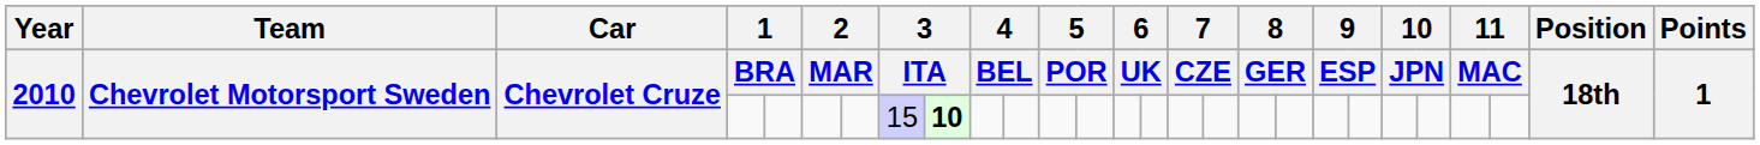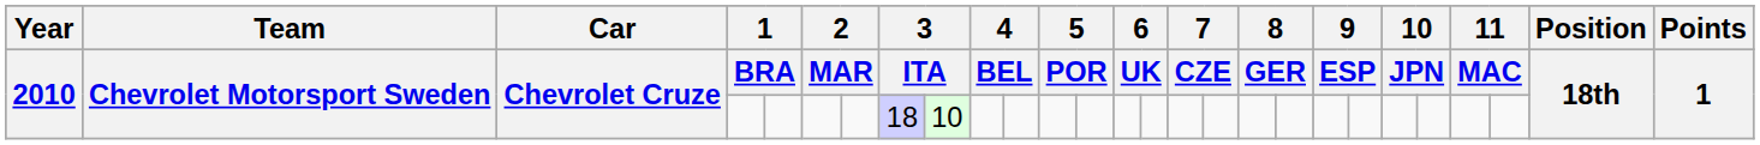 <table class="wikitable" style="text-align:center; font-size:85%">
 <tr>
 <th>Year</th>
 <th>Team</th>
 <th>Car</th>
 <th colspan=2>1</th>
 <th colspan=2>2</th>
 <th colspan=2>3</th>
 <th colspan=2>4</th>
 <th colspan=2>5</th>
 <th colspan=2>6</th>
 <th colspan=2>7</th>
 <th colspan=2>8</th>
 <th colspan=2>9</th>
 <th colspan=2>10</th>
 <th colspan=2>11</th>
 <th>Position</th>
 <th>Points</th>
 </tr>
 <tr>
 <th rowspan=2><a href='#'>2010</a></th>
 <th rowspan=2><a href='#'>Chevrolet Motorsport Sweden</a></th>
 <th rowspan=2><a href='#'>Chevrolet Cruze</a></th>
 <th colspan=2><a href='#'>BRA</a></th>
 <th colspan=2><a href='#'>MAR</a></th>
 <th colspan=2><a href='#'>ITA</a></th>
 <th colspan=2><a href='#'>BEL</a></th>
 <th colspan=2><a href='#'>POR</a></th>
 <th colspan=2><a href='#'>UK</a></th>
 <th colspan=2><a href='#'>CZE</a></th>
 <th colspan=2><a href='#'>GER</a></th>
 <th colspan=2><a href='#'>ESP</a></th>
 <th colspan=2><a href='#'>JPN</a></th>
 <th colspan=2><a href='#'>MAC</a></th>
 <th rowspan=2>18th</th>
 <th rowspan=2>1</th>
 </tr>
 <tr>
 <td></td>
 <td></td>
 <td></td>
 <td></td>
-<td style="background:#cfcfff;">15</td>
-<td style="background:#dfffdf;"><strong>10</strong></td>
+<td style="background:#cfcfff;">18</td>
+<td style="background:#dfffdf;">10</td>
 <td></td>
 <td></td>
 <td></td>
 <td></td>
 <td></td>
 <td></td>
 <td></td>
 <td></td>
 <td></td>
 <td></td>
 <td></td>
 <td></td>
 <td></td>
 <td></td>
 <td></td>
 <td></td>
 </tr>
 </table>
